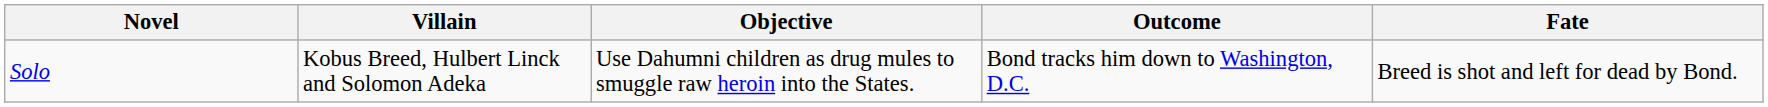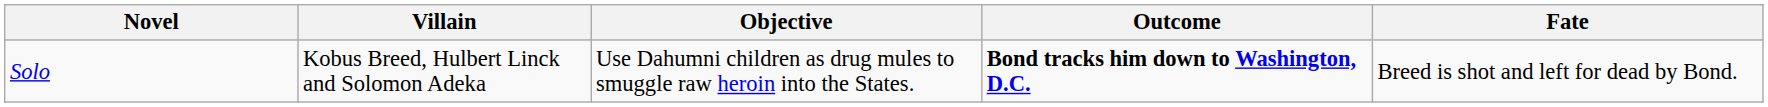 <table class="wikitable">
 <tr>
 <th style="width: 16.5%">Novel</th>
 <th style="width: 16.5%">Villain</th>
 <th style="width: 22%">Objective</th>
 <th style="width: 22%">Outcome</th>
 <th style="width: 22%">Fate</th>
 </tr>
 <tr>
 <td rowspan="3"><em><a href='#'>Solo</a></em></td>
 <td>Kobus Breed, Hulbert Linck and Solomon Adeka</td>
 <td>Use Dahumni children as drug mules to smuggle raw <a href='#'>heroin</a> into the States.</td>
-<td>Bond tracks him down to <a href='#'>Washington, D.C.</a></td>
+<td><strong>Bond tracks him down to <a href='#'>Washington, D.C.</a></strong></td>
 <td>Breed is shot and left for dead by Bond.</td>
 </tr>
 </table>
